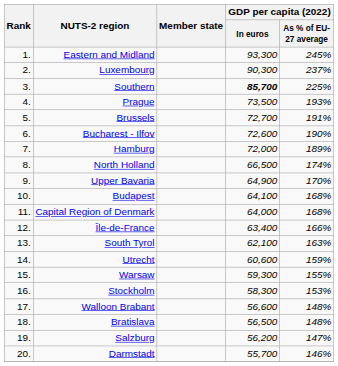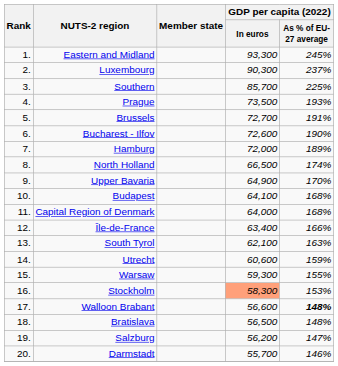 <table class="wikitable">
 <tr style="background:#efefef;">
 <th rowspan=2>Rank</th>
 <th rowspan=2>NUTS-2 region</th>
 <th rowspan=2>Member state</th>
 <th colspan=2>GDP per capita (2022)</th>
 </tr>
 <tr style="background:#efefef;">
 <th style="width:5em;"><small>In euros</small></th>
 <th style="width:5em;"><small>As % of EU-27 average</small></th>
 </tr>
 <tr style="text-align:right;">
 <td>1.</td>
 <td><a href='#'>Eastern and Midland</a></td>
 <td align=left><small></small></td>
 <td><em>93,300</em></td>
 <td><em>245%</em></td>
 </tr>
 <tr style="text-align:right;">
 <td>2.</td>
 <td><a href='#'>Luxembourg</a></td>
 <td align=left><small></small></td>
 <td><em>90,300</em></td>
 <td><em>237%</em></td>
 </tr>
 <tr style="text-align:right;">
 <td>3.</td>
 <td><a href='#'>Southern</a></td>
 <td align=left><small></small></td>
-<td><strong><em>85,700</em></strong></td>
+<td><em>85,700</em></td>
 <td><em>225%</em></td>
 </tr>
 <tr style="text-align:right;">
 <td>4.</td>
 <td><a href='#'>Prague</a></td>
 <td align=left><small></small></td>
 <td><em>73,500</em></td>
 <td><em>193%</em></td>
 </tr>
 <tr style="text-align:right;">
 <td>5.</td>
 <td><a href='#'>Brussels</a></td>
 <td align=left><small></small></td>
 <td><em>72,700</em></td>
 <td><em>191%</em></td>
 </tr>
 <tr style="text-align:right;">
 <td>6.</td>
 <td><a href='#'>Bucharest - Ilfov</a></td>
 <td align=left><small></small></td>
 <td><em>72,600</em></td>
 <td><em>190%</em></td>
 </tr>
 <tr style="text-align:right;">
 <td>7.</td>
 <td><a href='#'>Hamburg</a></td>
 <td align=left><small></small></td>
 <td><em>72,000</em></td>
 <td><em>189%</em></td>
 </tr>
 <tr style="text-align:right;">
 <td>8.</td>
 <td><a href='#'>North Holland</a></td>
 <td align=left><small></small></td>
 <td><em>66,500</em></td>
 <td><em>174%</em></td>
 </tr>
 <tr style="text-align:right;">
 <td>9.</td>
 <td><a href='#'>Upper Bavaria</a></td>
 <td align=left><small></small></td>
 <td><em>64,900</em></td>
 <td><em>170%</em></td>
 </tr>
 <tr style="text-align:right;">
 <td>10.</td>
 <td><a href='#'>Budapest</a></td>
 <td align=left><small></small></td>
 <td><em>64,100</em></td>
 <td><em>168%</em></td>
 </tr>
 <tr style="text-align:right;">
 <td>11.</td>
 <td><a href='#'>Capital Region of Denmark</a></td>
 <td align=left><small></small></td>
 <td><em>64,000</em></td>
 <td><em>168%</em></td>
 </tr>
 <tr style="text-align:right;">
 <td>12.</td>
 <td><a href='#'>Île-de-France</a></td>
 <td align=left><small></small></td>
 <td><em>63,400</em></td>
 <td><em>166%</em></td>
 </tr>
 <tr style="text-align:right;">
 <td>13.</td>
 <td><a href='#'>South Tyrol</a></td>
 <td align=left><small></small></td>
 <td><em>62,100</em></td>
 <td><em>163%</em></td>
 </tr>
 <tr style="text-align:right;">
 <td>14.</td>
 <td><a href='#'>Utrecht</a></td>
 <td align=left><small></small></td>
 <td><em>60,600</em></td>
 <td><em>159%</em></td>
 </tr>
 <tr style="text-align:right;">
 <td>15.</td>
 <td><a href='#'>Warsaw</a></td>
 <td align=left><small></small></td>
 <td><em>59,300</em></td>
 <td><em>155%</em></td>
 </tr>
 <tr style="text-align:right;">
 <td>16.</td>
 <td><a href='#'>Stockholm</a></td>
 <td align=left><small></small></td>
-<td><em>58,300</em></td>
+<td style="background: lightsalmon;"><em>58,300</em></td>
 <td><em>153%</em></td>
 </tr>
 <tr style="text-align:right;">
 <td>17.</td>
 <td><a href='#'>Walloon Brabant</a></td>
 <td align=left><small></small></td>
 <td><em>56,600</em></td>
-<td><em>148%</em></td>
+<td><strong><em>148%</em></strong></td>
 </tr>
 <tr style="text-align:right;">
 <td>18.</td>
 <td><a href='#'>Bratislava</a></td>
 <td align=left><small></small></td>
 <td><em>56,500</em></td>
 <td><em>148%</em></td>
 </tr>
 <tr style="text-align:right;">
 <td>19.</td>
 <td><a href='#'>Salzburg</a></td>
 <td align=left><small></small></td>
 <td><em>56,200</em></td>
 <td><em>147%</em></td>
 </tr>
 <tr style="text-align:right;">
 <td>20.</td>
 <td><a href='#'>Darmstadt</a></td>
 <td align=left><small></small></td>
 <td><em>55,700</em></td>
 <td><em>146%</em></td>
 </tr>
 <tr style="text-align:right;">
 </tr>
 </table>
